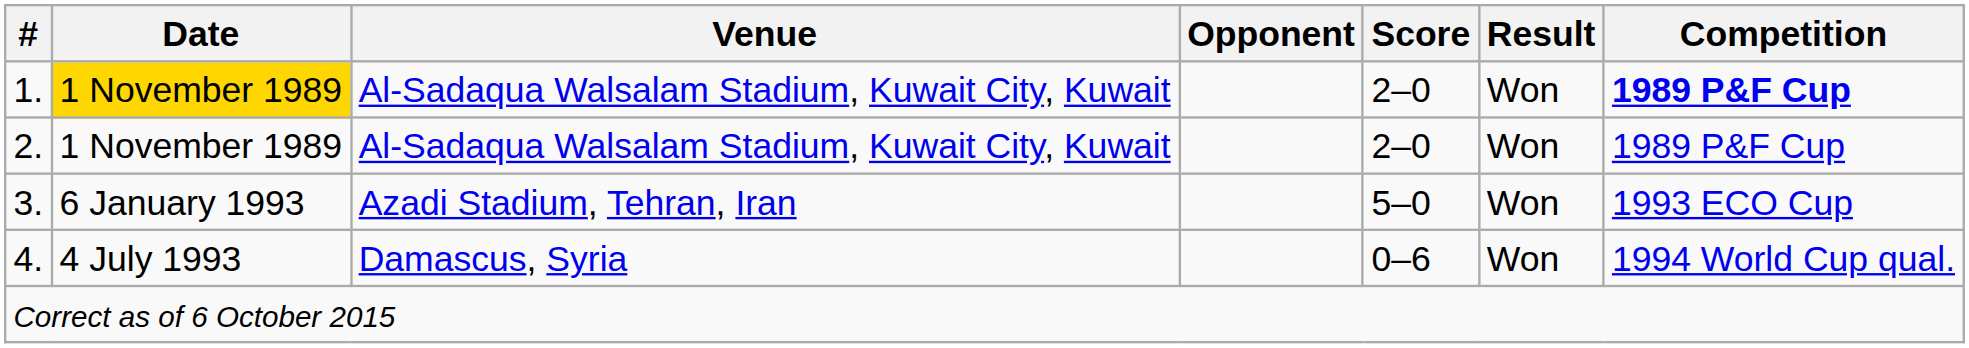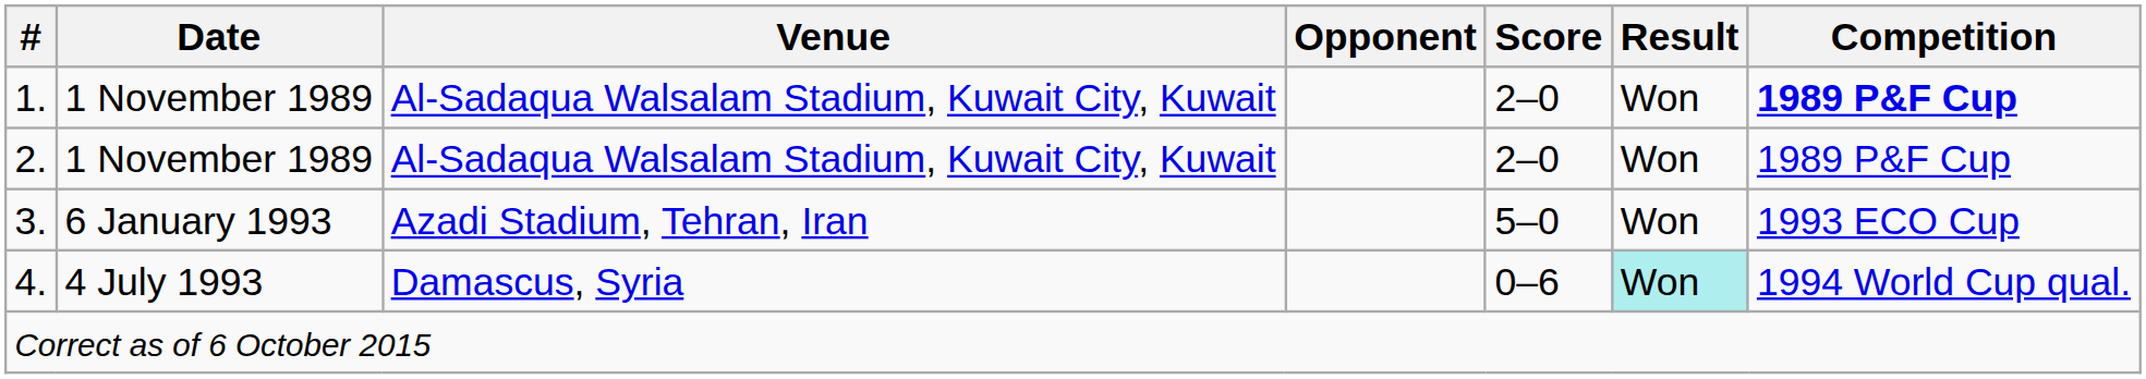 <table class="wikitable" style="font-size:95%;">
 <tr>
 <th>#</th>
 <th>Date</th>
 <th>Venue</th>
 <th>Opponent</th>
 <th>Score</th>
 <th>Result</th>
 <th>Competition</th>
 </tr>
 <tr>
 <td>1.</td>
-<td style="background: gold;">1 November 1989</td>
+<td>1 November 1989</td>
 <td><a href='#'>Al-Sadaqua Walsalam Stadium</a>, <a href='#'>Kuwait City</a>, <a href='#'>Kuwait</a></td>
 <td></td>
 <td>2–0</td>
 <td>Won</td>
 <td><strong><a href='#'>1989 P&F Cup</a></strong></td>
 </tr>
 <tr>
 <td>2.</td>
 <td>1 November 1989</td>
 <td><a href='#'>Al-Sadaqua Walsalam Stadium</a>, <a href='#'>Kuwait City</a>, <a href='#'>Kuwait</a></td>
 <td></td>
 <td>2–0</td>
 <td>Won</td>
 <td><a href='#'>1989 P&F Cup</a></td>
 </tr>
 <tr>
 <td>3.</td>
 <td>6 January 1993</td>
 <td><a href='#'>Azadi Stadium</a>, <a href='#'>Tehran</a>, <a href='#'>Iran</a></td>
 <td></td>
 <td>5–0</td>
 <td>Won</td>
 <td><a href='#'>1993 ECO Cup</a></td>
 </tr>
 <tr>
 <td>4.</td>
 <td>4 July 1993</td>
 <td><a href='#'>Damascus</a>, <a href='#'>Syria</a></td>
 <td></td>
 <td>0–6</td>
-<td>Won</td>
+<td style="background: paleturquoise;">Won</td>
 <td><a href='#'>1994 World Cup qual.</a></td>
 </tr>
 <tr>
 <td colspan="12"><small><em>Correct as of 6 October 2015</em></small></td>
 </tr>
 </table>
